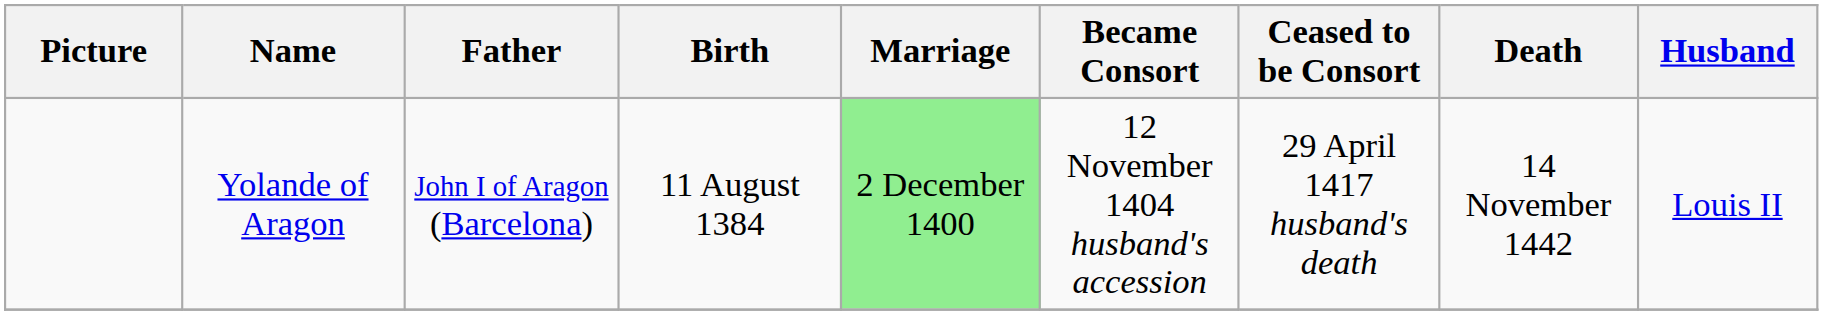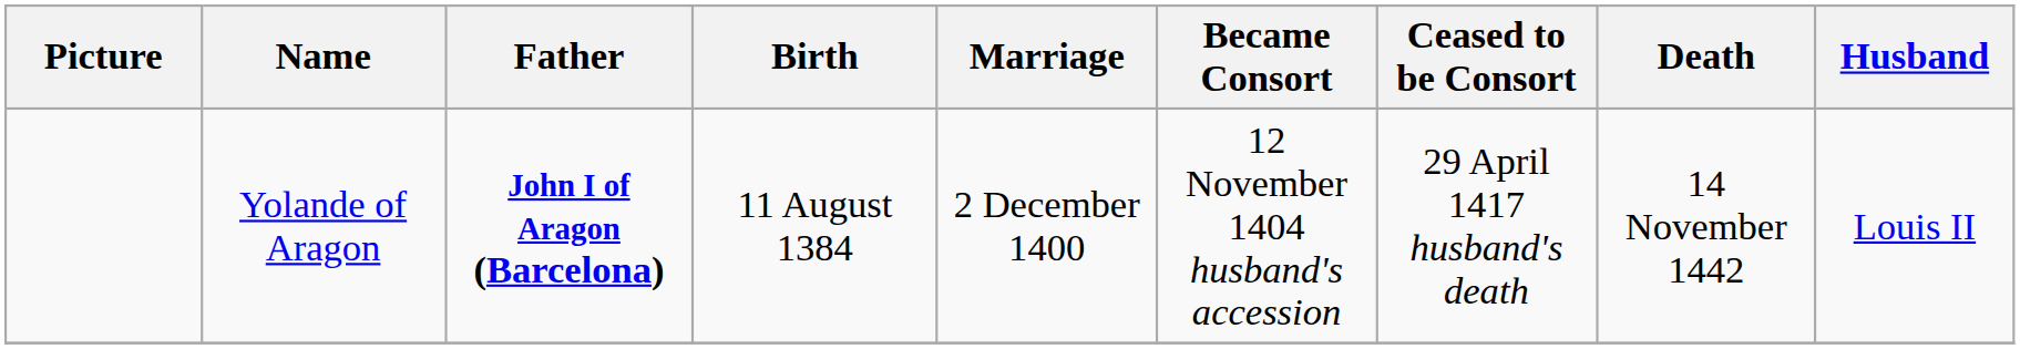 <table width=95% class="wikitable">
 <tr>
 <th width = "8%">Picture</th>
 <th width = "10%">Name</th>
 <th width = "9%">Father</th>
 <th width = "10%">Birth</th>
 <th width = "9%">Marriage</th>
 <th width = "9%">Became Consort</th>
 <th width = "9%">Ceased to be Consort</th>
 <th width = "9%">Death</th>
 <th width = "7%"><a href='#'>Husband</a></th>
 </tr>
 <tr>
 <td align="center"></td>
 <td align="center"><a href='#'>Yolande of Aragon</a></td>
-<td align="center"><small><a href='#'>John I of Aragon</a></small><br> (<a href='#'>Barcelona</a>)</td>
+<td align="center"><strong><small><a href='#'>John I of Aragon</a></small><br> (<a href='#'>Barcelona</a>)</strong></td>
 <td align="center">11 August 1384</td>
-<td align="center" style="background: lightgreen;">2 December 1400</td>
+<td align="center">2 December 1400</td>
 <td align="center">12 November 1404<br><em>husband's accession</em></td>
 <td align="center">29 April 1417<br><em>husband's death</em></td>
 <td align="center">14 November 1442</td>
 <td align="center"><a href='#'>Louis II</a></td>
 </tr>
 <tr>
 </tr>
 </table>
